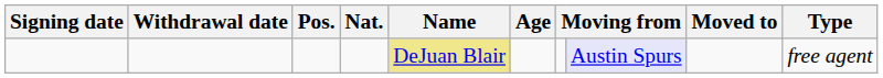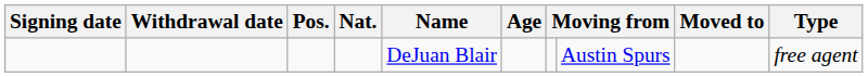 <table class="wikitable sortable">
 <tr>
 <th>Signing date</th>
 <th>Withdrawal date</th>
 <th>Pos.</th>
 <th>Nat.</th>
 <th>Name</th>
 <th>Age</th>
 <th colspan=2>Moving from</th>
 <th colspan=2>Moved to</th>
 <th>Type</th>
 </tr>
 <tr>
 <td></td>
 <td></td>
 <td></td>
 <td></td>
-<td style="background: khaki;"><a href='#'>DeJuan Blair</a></td>
+<td><a href='#'>DeJuan Blair</a></td>
 <td></td>
 <td></td>
-<td style="background: lavender;"><a href='#'>Austin Spurs</a></td>
+<td><a href='#'>Austin Spurs</a></td>
 <td></td>
 <td colspan=2><em>free agent</em></td>
 </tr>
 </table>
